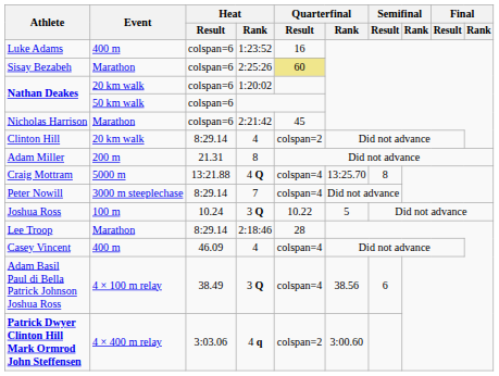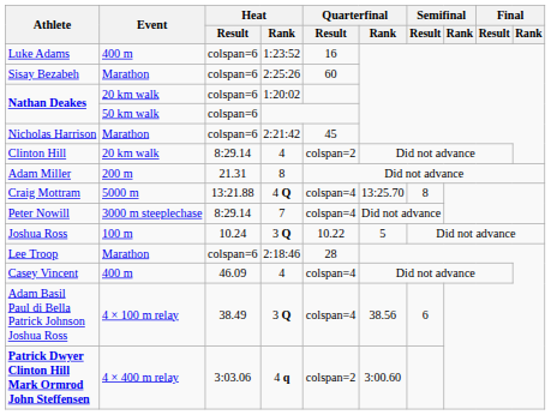 <table class=wikitable style="font-size:90%">
 <tr>
 <th rowspan="2">Athlete</th>
 <th rowspan="2">Event</th>
 <th colspan="2">Heat</th>
 <th colspan="2">Quarterfinal</th>
 <th colspan="2">Semifinal</th>
 <th colspan="2">Final</th>
 </tr>
 <tr style="font-size:95%">
 <th>Result</th>
 <th>Rank</th>
 <th>Result</th>
 <th>Rank</th>
 <th>Result</th>
 <th>Rank</th>
 <th>Result</th>
 <th>Rank</th>
 </tr>
 <tr align=center>
 <td align="left"><a href='#'>Luke Adams</a></td>
 <td align="left"><a href='#'>400 m</a></td>
 <td>colspan=6 </td>
 <td>1:23:52</td>
 <td>16</td>
 </tr>
 <tr align=center>
 <td align="left"><a href='#'>Sisay Bezabeh</a></td>
 <td align="left"><a href='#'>Marathon</a></td>
 <td>colspan=6 </td>
 <td>2:25:26</td>
-<td style="background: khaki;">60</td>
+<td>60</td>
 </tr>
 <tr align=center>
 <td align="left" rowspan=2><strong><a href='#'>Nathan Deakes</a></strong></td>
 <td align="left"><a href='#'>20 km walk</a></td>
 <td>colspan=6 </td>
 <td>1:20:02</td>
 <td></td>
 </tr>
 <tr align=center>
 <td align="left"><a href='#'>50 km walk</a></td>
 <td>colspan=6 </td>
 <td colspan=2></td>
 </tr>
 <tr align=center>
 <td align="left"><a href='#'>Nicholas Harrison</a></td>
 <td align="left"><a href='#'>Marathon</a></td>
 <td>colspan=6 </td>
 <td>2:21:42</td>
 <td>45</td>
 </tr>
 <tr align=center>
 <td align="left"><a href='#'>Clinton Hill</a></td>
 <td align="left"><a href='#'>20 km walk</a></td>
 <td>8:29.14</td>
 <td>4</td>
 <td>colspan=2 </td>
 <td colspan=4>Did not advance</td>
 </tr>
 <tr align=center>
 <td align="left"><a href='#'>Adam Miller</a></td>
 <td align="left"><a href='#'>200 m</a></td>
 <td>21.31</td>
 <td>8</td>
 <td colspan=6>Did not advance</td>
 </tr>
 <tr align=center>
 <td align="left"><a href='#'>Craig Mottram</a></td>
 <td align="left"><a href='#'>5000 m</a></td>
 <td>13:21.88</td>
 <td>4 <strong>Q</strong></td>
 <td>colspan=4 </td>
 <td>13:25.70</td>
 <td>8</td>
 </tr>
 <tr align=center>
 <td align="left"><a href='#'>Peter Nowill</a></td>
 <td align="left"><a href='#'>3000 m steeplechase</a></td>
 <td>8:29.14</td>
 <td>7</td>
 <td>colspan=4 </td>
 <td colspan=2>Did not advance</td>
 </tr>
 <tr align=center>
 <td align="left"><a href='#'>Joshua Ross</a></td>
 <td align="left"><a href='#'>100 m</a></td>
 <td>10.24</td>
 <td>3 <strong>Q</strong></td>
 <td>10.22</td>
 <td>5</td>
 <td colspan=4>Did not advance</td>
 </tr>
 <tr align=center>
 <td align="left"><a href='#'>Lee Troop</a></td>
 <td align="left"><a href='#'>Marathon</a></td>
-<td>8:29.14</td>
+<td>colspan=6 </td>
 <td>2:18:46</td>
 <td>28</td>
 </tr>
 <tr align=center>
 <td align="left"><a href='#'>Casey Vincent</a></td>
 <td align="left"><a href='#'>400 m</a></td>
 <td>46.09</td>
 <td>4</td>
 <td>colspan=4 </td>
 <td colspan=4>Did not advance</td>
 </tr>
 <tr align=center>
 <td align="left"><a href='#'>Adam Basil</a><br><a href='#'>Paul di Bella</a><br><a href='#'>Patrick Johnson</a><br><a href='#'>Joshua Ross</a></td>
 <td align="left"><a href='#'>4 × 100 m relay</a></td>
 <td>38.49</td>
 <td>3 <strong>Q</strong></td>
 <td>colspan=4 </td>
 <td>38.56</td>
 <td>6</td>
 </tr>
 <tr align=center>
 <td align="left"><strong><a href='#'>Patrick Dwyer</a><br><a href='#'>Clinton Hill</a><br><a href='#'>Mark Ormrod</a><br><a href='#'>John Steffensen</a></strong></td>
 <td align="left"><a href='#'>4 × 400 m relay</a></td>
 <td>3:03.06</td>
 <td>4 <strong>q</strong></td>
 <td>colspan=2 </td>
 <td>3:00.60</td>
 <td></td>
 </tr>
 </table>
